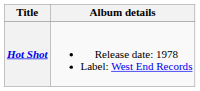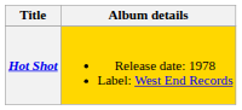 <table class="wikitable plainrowheaders" style="text-align:center;">
 <tr>
 <th>Title</th>
 <th>Album details</th>
 </tr>
 <tr style="font-size:smaller;">
 </tr>
 <tr>
 <th scope="row"><em><a href='#'>Hot Shot</a></em></th>
-<td><br><ul><li>Release date: 1978</li><li>Label: <a href='#'>West End Records</a></li></ul></td>
+<td style="background: gold;"><br><ul><li>Release date: 1978</li><li>Label: <a href='#'>West End Records</a></li></ul></td>
 </tr>
 </table>
